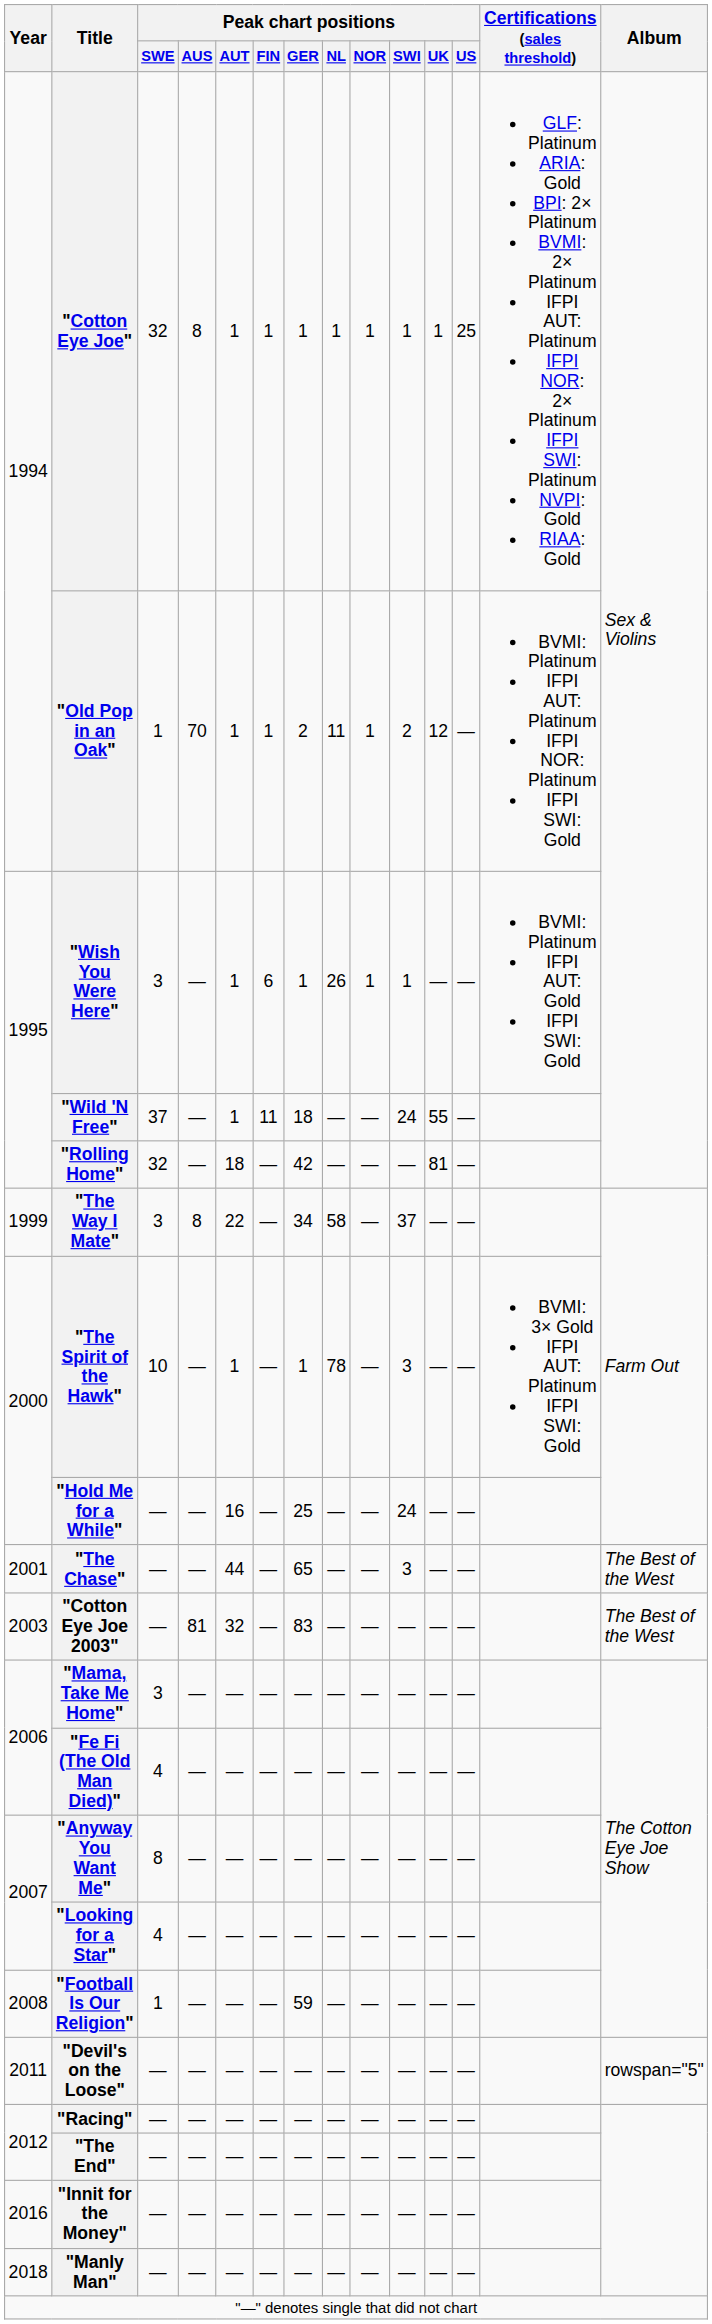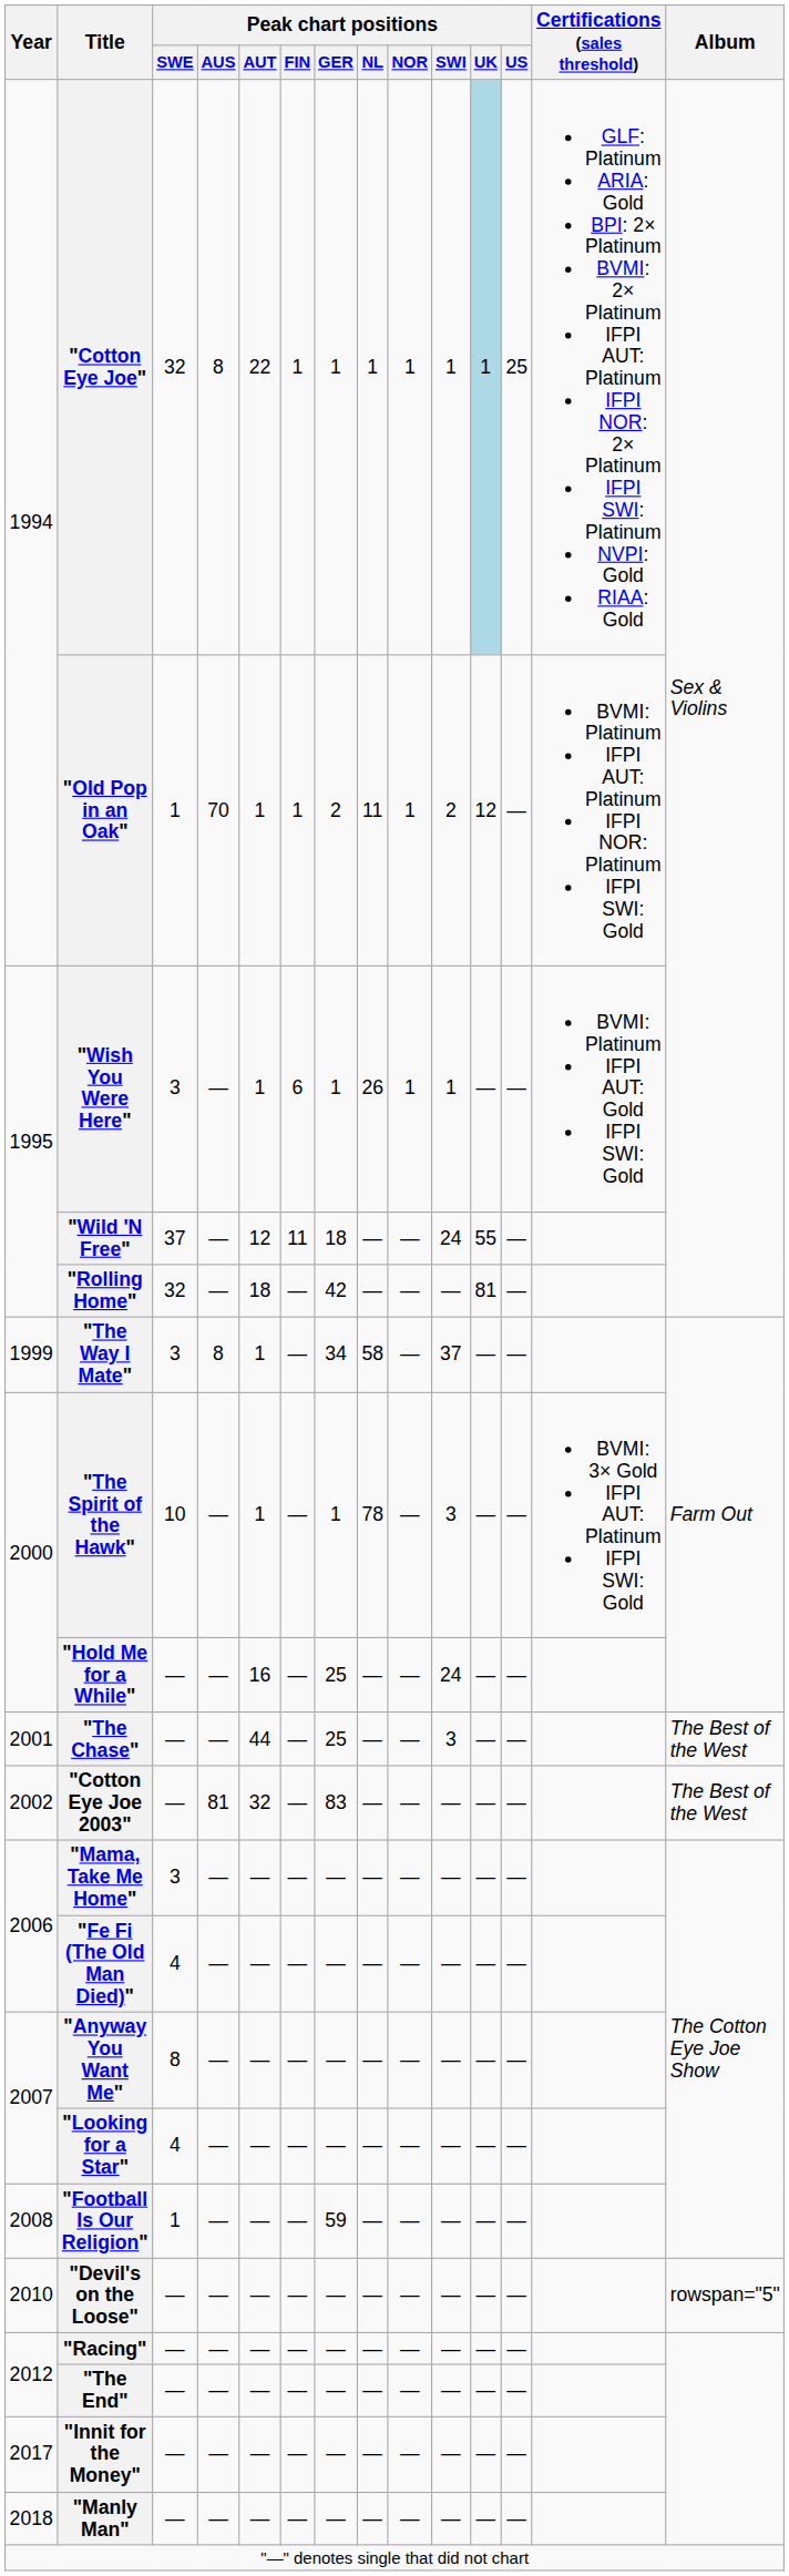 <table class="wikitable plainrowheaders" style="text-align:center;">
 <tr>
 <th rowspan="2">Year</th>
 <th rowspan="2" style="width:15em;">Title</th>
 <th colspan="10">Peak chart positions</th>
 <th rowspan="2" style="width:15em;"><a href='#'>Certifications</a><br><small>(<a href='#'>sales threshold</a>)</small></th>
 <th rowspan="2">Album</th>
 </tr>
 <tr style="font-size:smaller;">
 <th style="width:35px;"><a href='#'>SWE</a><br></th>
 <th style="width:35px;"><a href='#'>AUS</a><br></th>
 <th style="width:35px;"><a href='#'>AUT</a><br></th>
 <th style="width:35px;"><a href='#'>FIN</a><br></th>
 <th style="width:35px;"><a href='#'>GER</a><br></th>
 <th style="width:35px;"><a href='#'>NL</a><br></th>
 <th style="width:35px;"><a href='#'>NOR</a><br></th>
 <th style="width:35px;"><a href='#'>SWI</a><br></th>
 <th style="width:35px;"><a href='#'>UK</a><br></th>
 <th style="width:35px;"><a href='#'>US</a><br></th>
 </tr>
 <tr>
 <td rowspan="2">1994</td>
 <th scope="row">"<a href='#'>Cotton Eye Joe</a>"</th>
 <td>32</td>
 <td>8</td>
+<td>22</td>
 <td>1</td>
 <td>1</td>
 <td>1</td>
 <td>1</td>
 <td>1</td>
-<td>1</td>
-<td>1</td>
+<td style="background: lightblue;">1</td>
 <td>25</td>
 <td><br><ul><li><a href='#'>GLF</a>: Platinum</li><li><a href='#'>ARIA</a>: Gold</li><li><a href='#'>BPI</a>: 2× Platinum</li><li><a href='#'>BVMI</a>: 2× Platinum</li><li>IFPI AUT: Platinum</li><li><a href='#'>IFPI NOR</a>: 2× Platinum</li><li><a href='#'>IFPI SWI</a>: Platinum</li><li><a href='#'>NVPI</a>: Gold</li><li><a href='#'>RIAA</a>: Gold</li></ul></td>
 <td style="text-align:left;" rowspan="5"><em>Sex & Violins</em></td>
 </tr>
 <tr>
 <th scope="row">"<a href='#'>Old Pop in an Oak</a>"</th>
 <td>1</td>
 <td>70</td>
 <td>1</td>
 <td>1</td>
 <td>2</td>
 <td>11</td>
 <td>1</td>
 <td>2</td>
 <td>12</td>
 <td>—</td>
 <td><br><ul><li>BVMI: Platinum</li><li>IFPI AUT: Platinum</li><li>IFPI NOR: Platinum</li><li>IFPI SWI: Gold</li></ul></td>
 </tr>
 <tr>
 <td rowspan="3">1995</td>
 <th scope="row">"<a href='#'>Wish You Were Here</a>"</th>
 <td>3</td>
 <td>—</td>
 <td>1</td>
 <td>6</td>
 <td>1</td>
 <td>26</td>
 <td>1</td>
 <td>1</td>
 <td>—</td>
 <td>—</td>
 <td><br><ul><li>BVMI: Platinum</li><li>IFPI AUT: Gold</li><li>IFPI SWI: Gold</li></ul></td>
 </tr>
 <tr>
 <th scope="row">"<a href='#'>Wild 'N Free</a>"</th>
 <td>37</td>
 <td>—</td>
-<td>1</td>
+<td>12</td>
 <td>11</td>
 <td>18</td>
 <td>—</td>
 <td>—</td>
 <td>24</td>
 <td>55</td>
 <td>—</td>
 <td></td>
 </tr>
 <tr>
 <th scope="row">"<a href='#'>Rolling Home</a>"</th>
 <td>32</td>
 <td>—</td>
 <td>18</td>
 <td>—</td>
 <td>42</td>
 <td>—</td>
 <td>—</td>
 <td>—</td>
 <td>81</td>
 <td>—</td>
 <td></td>
 </tr>
 <tr>
 <td>1999</td>
 <th scope="row">"<a href='#'>The Way I Mate</a>"</th>
 <td>3</td>
 <td>8</td>
-<td>22</td>
+<td>1</td>
 <td>—</td>
 <td>34</td>
 <td>58</td>
 <td>—</td>
 <td>37</td>
 <td>—</td>
 <td>—</td>
 <td></td>
 <td style="text-align:left;" rowspan="3"><em>Farm Out</em></td>
 </tr>
 <tr>
 <td rowspan="2">2000</td>
 <th scope="row">"<a href='#'>The Spirit of the Hawk</a>"</th>
 <td>10</td>
 <td>—</td>
 <td>1</td>
 <td>—</td>
 <td>1</td>
 <td>78</td>
 <td>—</td>
 <td>3</td>
 <td>—</td>
 <td>—</td>
 <td><br><ul><li>BVMI: 3× Gold</li><li>IFPI AUT: Platinum</li><li>IFPI SWI: Gold</li></ul></td>
 </tr>
 <tr>
 <th scope="row">"<a href='#'>Hold Me for a While</a>"</th>
 <td>—</td>
 <td>—</td>
 <td>16</td>
 <td>—</td>
 <td>25</td>
 <td>—</td>
 <td>—</td>
 <td>24</td>
 <td>—</td>
 <td>—</td>
 <td></td>
 </tr>
 <tr>
 <td>2001</td>
 <th scope="row">"<a href='#'>The Chase</a>"</th>
 <td>—</td>
 <td>—</td>
 <td>44</td>
 <td>—</td>
-<td>65</td>
+<td>25</td>
 <td>—</td>
 <td>—</td>
 <td>3</td>
 <td>—</td>
 <td>—</td>
 <td></td>
 <td style="text-align:left;"><em>The Best of the West</em></td>
 </tr>
 <tr>
-<td>2003</td>
+<td>2002</td>
 <th scope="row">"Cotton Eye Joe 2003"</th>
 <td>—</td>
 <td>81</td>
 <td>32</td>
 <td>—</td>
 <td>83</td>
 <td>—</td>
 <td>—</td>
 <td>—</td>
 <td>—</td>
 <td>—</td>
 <td></td>
 <td style="text-align:left;"><em>The Best of the West</em></td>
 </tr>
 <tr>
 <td rowspan="2">2006</td>
 <th scope="row">"<a href='#'>Mama, Take Me Home</a>"</th>
 <td>3</td>
 <td>—</td>
 <td>—</td>
 <td>—</td>
 <td>—</td>
 <td>—</td>
 <td>—</td>
 <td>—</td>
 <td>—</td>
 <td>—</td>
 <td></td>
 <td style="text-align:left;" rowspan="5"><em>The Cotton Eye Joe Show</em></td>
 </tr>
 <tr>
 <th scope="row">"<a href='#'>Fe Fi (The Old Man Died)</a>"</th>
 <td>4</td>
 <td>—</td>
 <td>—</td>
 <td>—</td>
 <td>—</td>
 <td>—</td>
 <td>—</td>
 <td>—</td>
 <td>—</td>
 <td>—</td>
 <td></td>
 </tr>
 <tr>
 <td rowspan="2">2007</td>
 <th scope="row">"<a href='#'>Anyway You Want Me</a>"</th>
 <td>8</td>
 <td>—</td>
 <td>—</td>
 <td>—</td>
 <td>—</td>
 <td>—</td>
 <td>—</td>
 <td>—</td>
 <td>—</td>
 <td>—</td>
 <td></td>
 </tr>
 <tr>
 <th scope="row">"<a href='#'>Looking for a Star</a>"</th>
 <td>4</td>
 <td>—</td>
 <td>—</td>
 <td>—</td>
 <td>—</td>
 <td>—</td>
 <td>—</td>
 <td>—</td>
 <td>—</td>
 <td>—</td>
 <td></td>
 </tr>
 <tr>
 <td>2008</td>
 <th scope="row">"<a href='#'>Football Is Our Religion</a>"</th>
 <td>1</td>
 <td>—</td>
 <td>—</td>
 <td>—</td>
 <td>59</td>
 <td>—</td>
 <td>—</td>
 <td>—</td>
 <td>—</td>
 <td>—</td>
 <td></td>
 </tr>
 <tr>
-<td>2011</td>
+<td>2010</td>
 <th scope="row">"Devil's on the Loose"</th>
 <td>—</td>
 <td>—</td>
 <td>—</td>
 <td>—</td>
 <td>—</td>
 <td>—</td>
 <td>—</td>
 <td>—</td>
 <td>—</td>
 <td>—</td>
 <td></td>
 <td>rowspan="5" </td>
 </tr>
 <tr>
 <td rowspan=2>2012</td>
 <th scope="row">"Racing"</th>
 <td>—</td>
 <td>—</td>
 <td>—</td>
 <td>—</td>
 <td>—</td>
 <td>—</td>
 <td>—</td>
 <td>—</td>
 <td>—</td>
 <td>—</td>
 <td></td>
 </tr>
 <tr>
 <th scope="row">"The End"</th>
 <td>—</td>
 <td>—</td>
 <td>—</td>
 <td>—</td>
 <td>—</td>
 <td>—</td>
 <td>—</td>
 <td>—</td>
 <td>—</td>
 <td>—</td>
 <td></td>
 </tr>
 <tr>
-<td>2016</td>
+<td>2017</td>
 <th scope="row">"Innit for the Money"</th>
 <td>—</td>
 <td>—</td>
 <td>—</td>
 <td>—</td>
 <td>—</td>
 <td>—</td>
 <td>—</td>
 <td>—</td>
 <td>—</td>
 <td>—</td>
 <td></td>
 </tr>
 <tr>
 <td>2018</td>
 <th scope="row">"Manly Man"</th>
 <td>—</td>
 <td>—</td>
 <td>—</td>
 <td>—</td>
 <td>—</td>
 <td>—</td>
 <td>—</td>
 <td>—</td>
 <td>—</td>
 <td>—</td>
 <td></td>
 </tr>
 <tr>
 <td colspan="15" style="font-size:85%">"—" denotes single that did not chart</td>
 </tr>
 </table>
